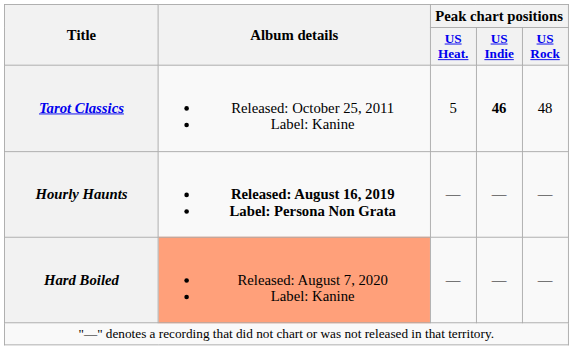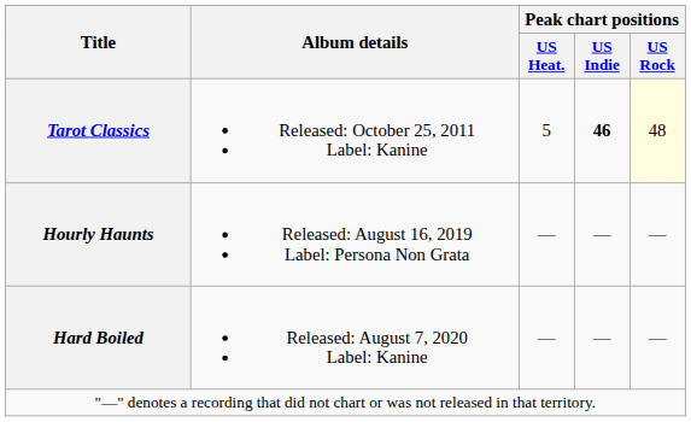 <table class="wikitable plainrowheaders" style="text-align:center;">
 <tr>
 <th scope="col" rowspan="2" style="width:10em;">Title</th>
 <th scope="col" rowspan="2" style="width:18em;">Album details</th>
 <th scope="col" colspan="3">Peak chart positions</th>
 </tr>
 <tr>
 <th scope="col" style="width:3em;font-size:90%;"><a href='#'>US<br>Heat.</a><br></th>
 <th scope="col" style="width:3em;font-size:90%;"><a href='#'>US<br> Indie</a><br></th>
 <th scope="col" style="width:3em;font-size:90%;"><a href='#'>US<br>Rock</a><br></th>
 </tr>
 <tr>
 <th scope="row"><em><a href='#'>Tarot Classics</a></em></th>
 <td><br><ul><li>Released: October 25, 2011</li><li>Label: Kanine</li></ul></td>
 <td>5</td>
 <td><strong>46</strong></td>
-<td>48</td>
+<td style="background: lightyellow;">48</td>
 </tr>
 <tr>
 <th scope="row"><em>Hourly Haunts</em></th>
-<td><strong><br><ul><li>Released: August 16, 2019</li><li>Label: Persona Non Grata</li></ul></strong></td>
+<td><br><ul><li>Released: August 16, 2019</li><li>Label: Persona Non Grata</li></ul></td>
 <td>—</td>
 <td>—</td>
 <td>—</td>
 </tr>
 <tr>
 <th scope="row"><em>Hard Boiled</em></th>
-<td style="background: lightsalmon;"><br><ul><li>Released: August 7, 2020</li><li>Label: Kanine</li></ul></td>
+<td><br><ul><li>Released: August 7, 2020</li><li>Label: Kanine</li></ul></td>
 <td>—</td>
 <td>—</td>
 <td>—</td>
 </tr>
 <tr>
 <td colspan="11" style="font-size:90%">"—" denotes a recording that did not chart or was not released in that territory.</td>
 </tr>
 </table>
